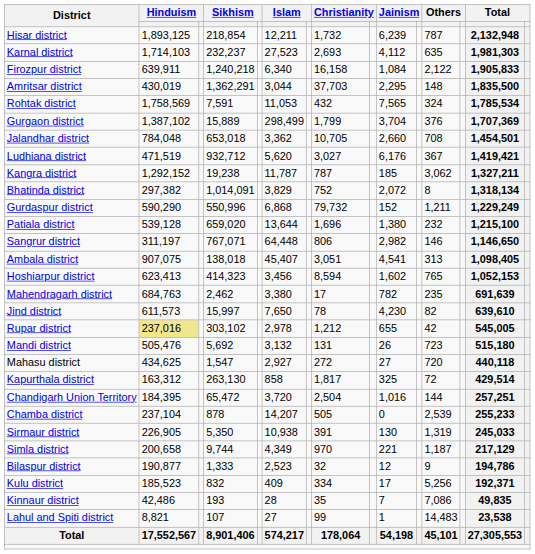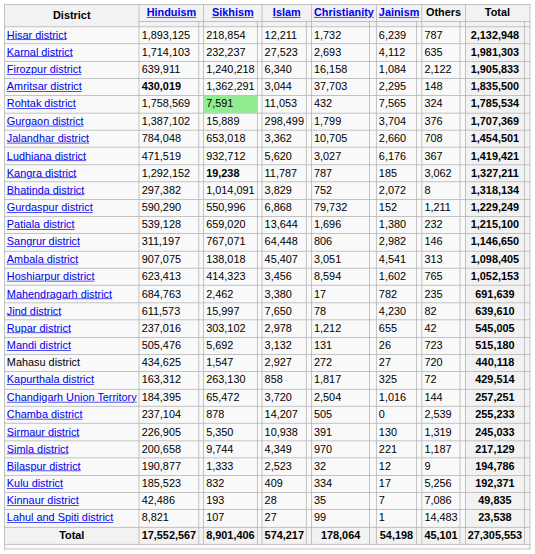 <table class="wikitable sortable">
 <tr>
 <th rowspan="2">District</th>
 <th colspan="2"><a href='#'>Hinduism</a> </th>
 <th colspan="2"><a href='#'>Sikhism</a> </th>
 <th colspan="2"><a href='#'>Islam</a> </th>
 <th colspan="2"><a href='#'>Christianity</a> </th>
 <th colspan="2"><a href='#'>Jainism</a> </th>
 <th colspan="2">Others</th>
 <th colspan="2">Total</th>
 </tr>
 <tr>
 <th><a href='#'></a></th>
 <th></th>
 <th></th>
 <th></th>
 <th></th>
 <th></th>
 <th></th>
 <th></th>
 <th></th>
 <th></th>
 <th></th>
 <th></th>
 <th></th>
 <th></th>
 </tr>
 <tr>
 <td><a href='#'>Hisar district</a></td>
 <td>1,893,125</td>
 <td></td>
 <td>218,854</td>
 <td></td>
 <td>12,211</td>
 <td></td>
 <td>1,732</td>
 <td></td>
 <td>6,239</td>
 <td></td>
 <td>787</td>
 <td></td>
 <th>2,132,948</th>
 <th></th>
 </tr>
 <tr>
 <td><a href='#'>Karnal district</a></td>
 <td>1,714,103</td>
 <td></td>
 <td>232,237</td>
 <td></td>
 <td>27,523</td>
 <td></td>
 <td>2,693</td>
 <td></td>
 <td>4,112</td>
 <td></td>
 <td>635</td>
 <td></td>
 <th>1,981,303</th>
 <th></th>
 </tr>
 <tr>
 <td><a href='#'>Firozpur district</a></td>
 <td>639,911</td>
 <td></td>
 <td>1,240,218</td>
 <td></td>
 <td>6,340</td>
 <td></td>
 <td>16,158</td>
 <td></td>
 <td>1,084</td>
 <td></td>
 <td>2,122</td>
 <td></td>
 <th>1,905,833</th>
 <th></th>
 </tr>
 <tr>
 <td><a href='#'>Amritsar district</a></td>
-<td>430,019</td>
+<td><strong>430,019</strong></td>
 <td></td>
 <td>1,362,291</td>
 <td></td>
 <td>3,044</td>
 <td></td>
 <td>37,703</td>
 <td></td>
 <td>2,295</td>
 <td></td>
 <td>148</td>
 <td></td>
 <th>1,835,500</th>
 <th></th>
 </tr>
 <tr>
 <td><a href='#'>Rohtak district</a></td>
 <td>1,758,569</td>
 <td></td>
-<td>7,591</td>
+<td style="background: lightgreen;">7,591</td>
 <td></td>
 <td>11,053</td>
 <td></td>
 <td>432</td>
 <td></td>
 <td>7,565</td>
 <td></td>
 <td>324</td>
 <td></td>
 <th>1,785,534</th>
 <th></th>
 </tr>
 <tr>
 <td><a href='#'>Gurgaon district</a></td>
 <td>1,387,102</td>
 <td></td>
 <td>15,889</td>
 <td></td>
 <td>298,499</td>
 <td></td>
 <td>1,799</td>
 <td></td>
 <td>3,704</td>
 <td></td>
 <td>376</td>
 <td></td>
 <th>1,707,369</th>
 <th></th>
 </tr>
 <tr>
 <td><a href='#'>Jalandhar district</a></td>
 <td>784,048</td>
 <td></td>
 <td>653,018</td>
 <td></td>
 <td>3,362</td>
 <td></td>
 <td>10,705</td>
 <td></td>
 <td>2,660</td>
 <td></td>
 <td>708</td>
 <td></td>
 <th>1,454,501</th>
 <th></th>
 </tr>
 <tr>
 <td><a href='#'>Ludhiana district</a></td>
 <td>471,519</td>
 <td></td>
 <td>932,712</td>
 <td></td>
 <td>5,620</td>
 <td></td>
 <td>3,027</td>
 <td></td>
 <td>6,176</td>
 <td></td>
 <td>367</td>
 <td></td>
 <th>1,419,421</th>
 <th></th>
 </tr>
 <tr>
 <td><a href='#'>Kangra district</a></td>
 <td>1,292,152</td>
 <td></td>
-<td>19,238</td>
+<td><strong>19,238</strong></td>
 <td></td>
 <td>11,787</td>
 <td></td>
 <td>787</td>
 <td></td>
 <td>185</td>
 <td></td>
 <td>3,062</td>
 <td></td>
 <th>1,327,211</th>
 <th></th>
 </tr>
 <tr>
 <td><a href='#'>Bhatinda district</a></td>
 <td>297,382</td>
 <td></td>
 <td>1,014,091</td>
 <td></td>
 <td>3,829</td>
 <td></td>
 <td>752</td>
 <td></td>
 <td>2,072</td>
 <td></td>
 <td>8</td>
 <td></td>
 <th>1,318,134</th>
 <th></th>
 </tr>
 <tr>
 <td><a href='#'>Gurdaspur district</a></td>
 <td>590,290</td>
 <td></td>
 <td>550,996</td>
 <td></td>
 <td>6,868</td>
 <td></td>
 <td>79,732</td>
 <td></td>
 <td>152</td>
 <td></td>
 <td>1,211</td>
 <td></td>
 <th>1,229,249</th>
 <th></th>
 </tr>
 <tr>
 <td><a href='#'>Patiala district</a></td>
 <td>539,128</td>
 <td></td>
 <td>659,020</td>
 <td></td>
 <td>13,644</td>
 <td></td>
 <td>1,696</td>
 <td></td>
 <td>1,380</td>
 <td></td>
 <td>232</td>
 <td></td>
 <th>1,215,100</th>
 <th></th>
 </tr>
 <tr>
 <td><a href='#'>Sangrur district</a></td>
 <td>311,197</td>
 <td></td>
 <td>767,071</td>
 <td></td>
 <td>64,448</td>
 <td></td>
 <td>806</td>
 <td></td>
 <td>2,982</td>
 <td></td>
 <td>146</td>
 <td></td>
 <th>1,146,650</th>
 <th></th>
 </tr>
 <tr>
 <td><a href='#'>Ambala district</a></td>
 <td>907,075</td>
 <td></td>
 <td>138,018</td>
 <td></td>
 <td>45,407</td>
 <td></td>
 <td>3,051</td>
 <td></td>
 <td>4,541</td>
 <td></td>
 <td>313</td>
 <td></td>
 <th>1,098,405</th>
 <th></th>
 </tr>
 <tr>
 <td><a href='#'>Hoshiarpur district</a></td>
 <td>623,413</td>
 <td></td>
 <td>414,323</td>
 <td></td>
 <td>3,456</td>
 <td></td>
 <td>8,594</td>
 <td></td>
 <td>1,602</td>
 <td></td>
 <td>765</td>
 <td></td>
 <th>1,052,153</th>
 <th></th>
 </tr>
 <tr>
 <td><a href='#'>Mahendragarh district</a></td>
 <td>684,763</td>
 <td></td>
 <td>2,462</td>
 <td></td>
 <td>3,380</td>
 <td></td>
 <td>17</td>
 <td></td>
 <td>782</td>
 <td></td>
 <td>235</td>
 <td></td>
 <th>691,639</th>
 <th></th>
 </tr>
 <tr>
 <td><a href='#'>Jind district</a></td>
 <td>611,573</td>
 <td></td>
 <td>15,997</td>
 <td></td>
 <td>7,650</td>
 <td></td>
 <td>78</td>
 <td></td>
 <td>4,230</td>
 <td></td>
 <td>82</td>
 <td></td>
 <th>639,610</th>
 <th></th>
 </tr>
 <tr>
 <td><a href='#'>Rupar district</a></td>
-<td style="background: khaki;">237,016</td>
+<td>237,016</td>
 <td></td>
 <td>303,102</td>
 <td></td>
 <td>2,978</td>
 <td></td>
 <td>1,212</td>
 <td></td>
 <td>655</td>
 <td></td>
 <td>42</td>
 <td></td>
 <th>545,005</th>
 <th></th>
 </tr>
 <tr>
 <td><a href='#'>Mandi district</a></td>
 <td>505,476</td>
 <td></td>
 <td>5,692</td>
 <td></td>
 <td>3,132</td>
 <td></td>
 <td>131</td>
 <td></td>
 <td>26</td>
 <td></td>
 <td>723</td>
 <td></td>
 <th>515,180</th>
 <th></th>
 </tr>
 <tr>
 <td>Mahasu district</td>
 <td>434,625</td>
 <td></td>
 <td>1,547</td>
 <td></td>
 <td>2,927</td>
 <td></td>
 <td>272</td>
 <td></td>
 <td>27</td>
 <td></td>
 <td>720</td>
 <td></td>
 <th>440,118</th>
 <th></th>
 </tr>
 <tr>
 <td><a href='#'>Kapurthala district</a></td>
 <td>163,312</td>
 <td></td>
 <td>263,130</td>
 <td></td>
 <td>858</td>
 <td></td>
 <td>1,817</td>
 <td></td>
 <td>325</td>
 <td></td>
 <td>72</td>
 <td></td>
 <th>429,514</th>
 <th></th>
 </tr>
 <tr>
 <td><a href='#'>Chandigarh Union Territory</a></td>
 <td>184,395</td>
 <td></td>
 <td>65,472</td>
 <td></td>
 <td>3,720</td>
 <td></td>
 <td>2,504</td>
 <td></td>
 <td>1,016</td>
 <td></td>
 <td>144</td>
 <td></td>
 <th>257,251</th>
 <th></th>
 </tr>
 <tr>
 <td><a href='#'>Chamba district</a></td>
 <td>237,104</td>
 <td></td>
 <td>878</td>
 <td></td>
 <td>14,207</td>
 <td></td>
 <td>505</td>
 <td></td>
 <td>0</td>
 <td></td>
 <td>2,539</td>
 <td></td>
 <th>255,233</th>
 <th></th>
 </tr>
 <tr>
 <td><a href='#'>Sirmaur district</a></td>
 <td>226,905</td>
 <td></td>
 <td>5,350</td>
 <td></td>
 <td>10,938</td>
 <td></td>
 <td>391</td>
 <td></td>
 <td>130</td>
 <td></td>
 <td>1,319</td>
 <td></td>
 <th>245,033</th>
 <th></th>
 </tr>
 <tr>
 <td><a href='#'>Simla district</a></td>
 <td>200,658</td>
 <td></td>
 <td>9,744</td>
 <td></td>
 <td>4,349</td>
 <td></td>
 <td>970</td>
 <td></td>
 <td>221</td>
 <td></td>
 <td>1,187</td>
 <td></td>
 <th>217,129</th>
 <th></th>
 </tr>
 <tr>
 <td><a href='#'>Bilaspur district</a></td>
 <td>190,877</td>
 <td></td>
 <td>1,333</td>
 <td></td>
 <td>2,523</td>
 <td></td>
 <td>32</td>
 <td></td>
 <td>12</td>
 <td></td>
 <td>9</td>
 <td></td>
 <th>194,786</th>
 <th></th>
 </tr>
 <tr>
 <td><a href='#'>Kulu district</a></td>
 <td>185,523</td>
 <td></td>
 <td>832</td>
 <td></td>
 <td>409</td>
 <td></td>
 <td>334</td>
 <td></td>
 <td>17</td>
 <td></td>
 <td>5,256</td>
 <td></td>
 <th>192,371</th>
 <th></th>
 </tr>
 <tr>
 <td><a href='#'>Kinnaur district</a></td>
 <td>42,486</td>
 <td></td>
 <td>193</td>
 <td></td>
 <td>28</td>
 <td></td>
 <td>35</td>
 <td></td>
 <td>7</td>
 <td></td>
 <td>7,086</td>
 <td></td>
 <th>49,835</th>
 <th></th>
 </tr>
 <tr>
 <td><a href='#'>Lahul and Spiti district</a></td>
 <td>8,821</td>
 <td></td>
 <td>107</td>
 <td></td>
 <td>27</td>
 <td></td>
 <td>99</td>
 <td></td>
 <td>1</td>
 <td></td>
 <td>14,483</td>
 <td></td>
 <th>23,538</th>
 <th></th>
 </tr>
 <tr>
 <th>Total</th>
 <th>17,552,567</th>
 <th></th>
 <th>8,901,406</th>
 <th></th>
 <th>574,217</th>
 <th></th>
 <th>178,064</th>
 <th></th>
 <th>54,198</th>
 <th></th>
 <th>45,101</th>
 <th></th>
 <th>27,305,553</th>
 <th></th>
 </tr>
 <tr class="sortbottom">
 <td colspan="15"></td>
 </tr>
 </table>
